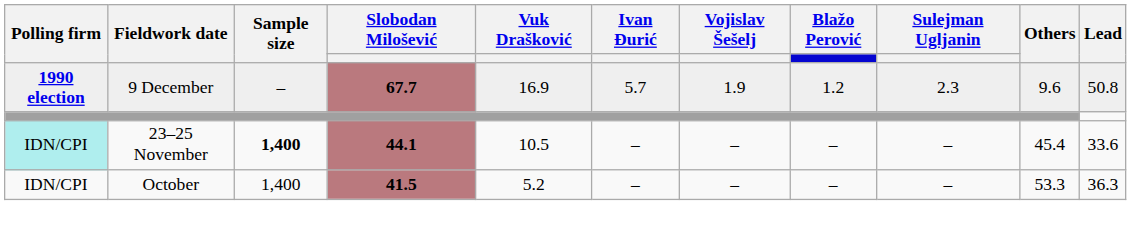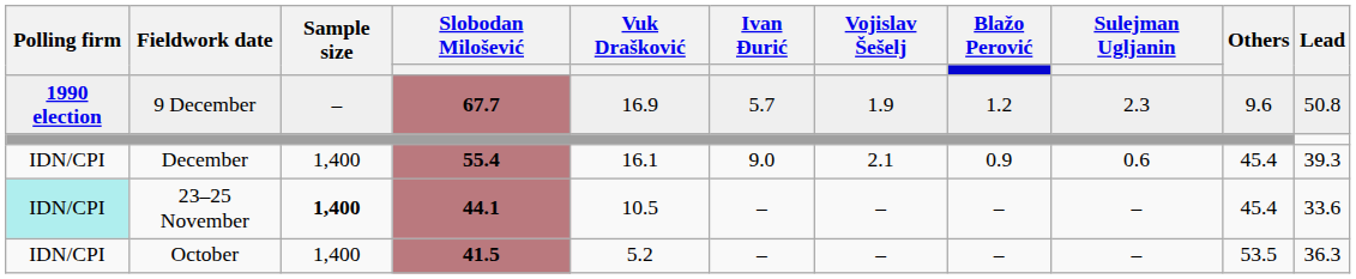 <table class="wikitable" style="text-align:center; font-size:85%; line-height:16px; margin-bottom:0">
 <tr>
 <th rowspan="2">Polling firm</th>
 <th rowspan="2">Fieldwork date</th>
 <th rowspan="2">Sample size</th>
 <th><a href='#'>Slobodan Milošević</a></th>
 <th><a href='#'>Vuk Drašković</a></th>
 <th><a href='#'>Ivan Đurić</a></th>
 <th><a href='#'>Vojislav Šešelj</a></th>
 <th><a href='#'>Blažo Perović</a></th>
 <th><a href='#'>Sulejman Ugljanin</a></th>
 <th rowspan="2">Others</th>
 <th rowspan="2">Lead</th>
 </tr>
 <tr>
 <th style="background:"></th>
 <th style="background:"></th>
 <th style="background:"></th>
 <th style="background:"></th>
 <th style="background:#0505D0; width: 60px"></th>
 <th style="background:"></th>
 </tr>
 <tr style="background:#EFEFEF">
 <td><strong><a href='#'>1990 election</a></strong></td>
 <td>9 December</td>
 <td>–</td>
 <td style="background:#ba797e"><strong>67.7</strong></td>
 <td>16.9</td>
 <td>5.7</td>
 <td>1.9</td>
 <td>1.2</td>
 <td>2.3</td>
 <td>9.6</td>
 <td style="background:">50.8</td>
 </tr>
 <tr>
 <td colspan="10" style="background:#A0A0A0"></td>
 </tr>
 <tr>
+<td>IDN/CPI</td>
+<td>December</td>
+<td>1,400</td>
+<td style="background:#ba797e"><strong>55.4</strong></td>
+<td>16.1</td>
+<td>9.0</td>
+<td>2.1</td>
+<td>0.9</td>
+<td>0.6</td>
+<td>45.4</td>
+<td style="background:">39.3</td>
+</tr>
+<tr>
 <td style="background: paleturquoise;">IDN/CPI</td>
 <td>23–25 November</td>
 <td><strong>1,400</strong></td>
 <td style="background:#ba797e"><strong>44.1</strong></td>
 <td>10.5</td>
 <td>–</td>
 <td>–</td>
 <td>–</td>
 <td>–</td>
 <td>45.4</td>
 <td style="background:">33.6</td>
 </tr>
 <tr>
 <td>IDN/CPI</td>
 <td>October</td>
 <td>1,400</td>
 <td style="background:#ba797e"><strong>41.5</strong></td>
 <td>5.2</td>
 <td>–</td>
 <td>–</td>
 <td>–</td>
 <td>–</td>
-<td>53.3</td>
+<td>53.5</td>
 <td style="background:">36.3</td>
 </tr>
 </table>
